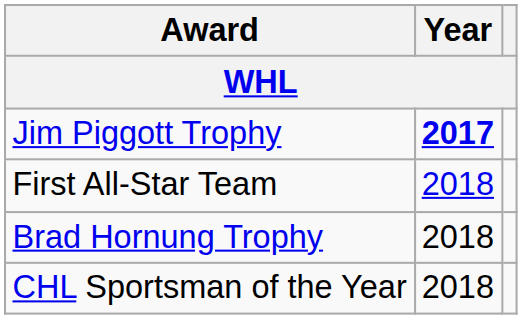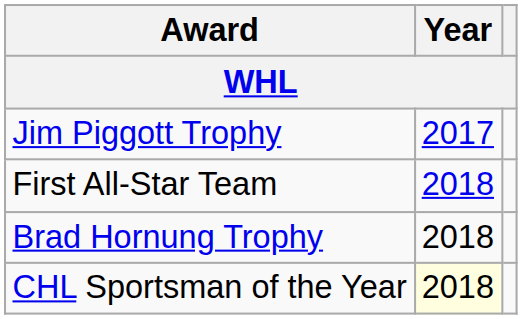 <table class="wikitable">
 <tr>
 <th>Award</th>
 <th>Year</th>
 <th></th>
 </tr>
 <tr>
 <th colspan="3"><a href='#'>WHL</a></th>
 </tr>
 <tr>
 <td><a href='#'>Jim Piggott Trophy</a></td>
-<td><strong><a href='#'>2017</a></strong></td>
+<td><a href='#'>2017</a></td>
 <td></td>
 </tr>
 <tr>
 <td>First All-Star Team</td>
 <td><a href='#'>2018</a></td>
 <td></td>
 </tr>
 <tr>
 <td><a href='#'>Brad Hornung Trophy</a></td>
 <td>2018</td>
 <td></td>
 </tr>
 <tr>
 <td><a href='#'>CHL</a> Sportsman of the Year</td>
-<td>2018</td>
+<td style="background: lightyellow;">2018</td>
 <td></td>
 </tr>
 </table>
